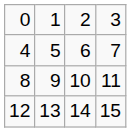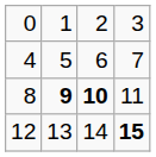 <table class="wikitable" style="text-align:right;">
 <tr>
 <td>0</td>
 <td>1</td>
 <td>2</td>
 <td>3</td>
 </tr>
 <tr>
 <td>4</td>
 <td>5</td>
 <td>6</td>
 <td>7</td>
 </tr>
 <tr>
 <td>8</td>
-<td>9</td>
-<td>10</td>
+<td><strong>9</strong></td>
+<td><strong>10</strong></td>
 <td>11</td>
 </tr>
 <tr>
 <td>12</td>
 <td>13</td>
 <td>14</td>
-<td>15</td>
+<td><strong>15</strong></td>
 </tr>
 </table>
